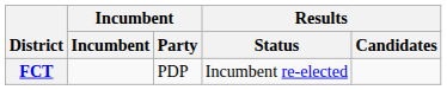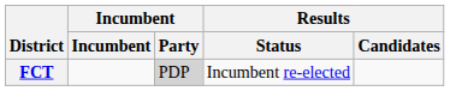 <table class="wikitable sortable">
 <tr valign=bottom>
 <th rowspan=2>District</th>
 <th colspan=2>Incumbent</th>
 <th colspan=2>Results</th>
 </tr>
 <tr valign=bottom>
 <th>Incumbent</th>
 <th>Party</th>
 <th>Status</th>
 <th>Candidates</th>
 </tr>
 <tr>
 <th><a href='#'>FCT</a></th>
 <td></td>
-<td>PDP</td>
+<td style="background: lightgrey;">PDP</td>
 <td>Incumbent <a href='#'>re-elected</a></td>
 <td nowrap></td>
 </tr>
 </table>
